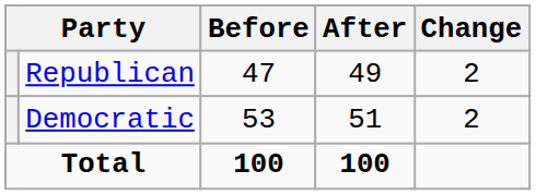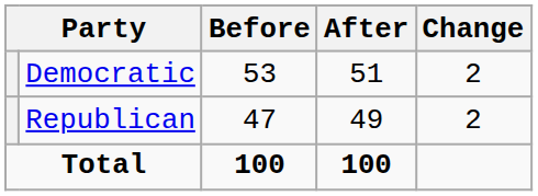 <table class="wikitable" style="text-align:center;">
 <tr>
 <th colspan="2">Party</th>
 <th>Before</th>
 <th>After</th>
 <th>Change</th>
 </tr>
 <tr>
 <th style="background-color:"></th>
-<td style="text-align:left;"><a href='#'>Republican</a></td>
-<td>47</td>
-<td>49</td>
+<td style="text-align:left;"><a href='#'>Democratic</a></td>
+<td>53</td>
+<td>51</td>
 <td> 2</td>
 </tr>
 <tr>
 <th style="background-color:"></th>
-<td style="text-align:left;"><a href='#'>Democratic</a></td>
-<td>53</td>
-<td>51</td>
+<td style="text-align:left;"><a href='#'>Republican</a></td>
+<td>47</td>
+<td>49</td>
 <td> 2</td>
 </tr>
 <tr>
 <td colspan="2"><strong>Total</strong></td>
 <td><strong>100</strong></td>
 <td><strong>100</strong></td>
 <td></td>
 </tr>
 </table>
